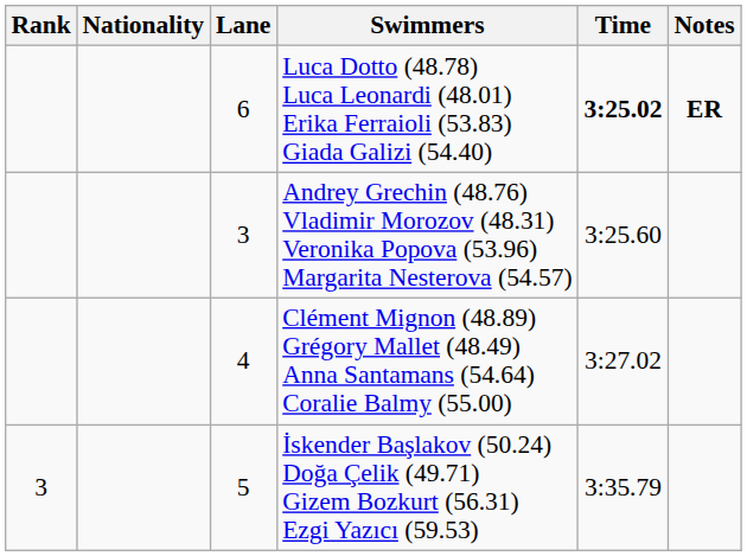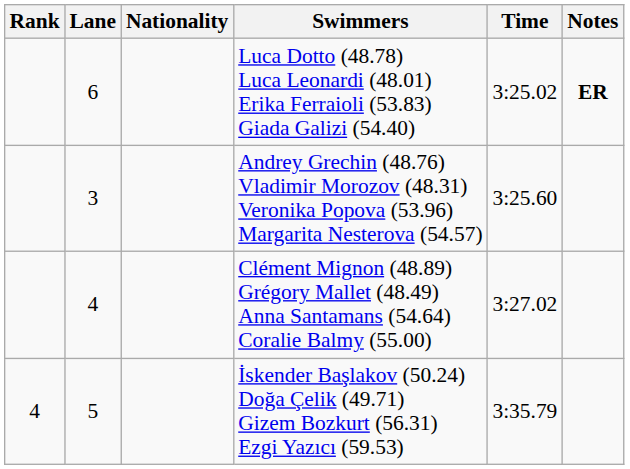 <table class="wikitable sortable" style="text-align:center">
 <tr>
 <th>Rank</th>
+<th>Lane</th>
 <th>Nationality</th>
-<th>Lane</th>
 <th>Swimmers</th>
 <th>Time</th>
 <th>Notes</th>
 </tr>
 <tr>
 <td></td>
+<td>6</td>
 <td align=left></td>
-<td>6</td>
 <td align=left><a href='#'>Luca Dotto</a> (48.78)<br><a href='#'>Luca Leonardi</a> (48.01)<br><a href='#'>Erika Ferraioli</a> (53.83)<br><a href='#'>Giada Galizi</a> (54.40)</td>
-<td><strong>3:25.02</strong></td>
+<td>3:25.02</td>
 <td><strong>ER</strong></td>
 </tr>
 <tr>
 <td></td>
+<td>3</td>
 <td align=left></td>
-<td>3</td>
 <td align=left><a href='#'>Andrey Grechin</a> (48.76)<br><a href='#'>Vladimir Morozov</a> (48.31)<br><a href='#'>Veronika Popova</a> (53.96)<br><a href='#'>Margarita Nesterova</a> (54.57)</td>
 <td>3:25.60</td>
 <td></td>
 </tr>
 <tr>
 <td></td>
+<td>4</td>
 <td align=left></td>
-<td>4</td>
 <td align=left><a href='#'>Clément Mignon</a> (48.89)<br><a href='#'>Grégory Mallet</a> (48.49)<br><a href='#'>Anna Santamans</a> (54.64)<br><a href='#'>Coralie Balmy</a> (55.00)</td>
 <td>3:27.02</td>
 <td></td>
 </tr>
 <tr>
-<td>3</td>
+<td>4</td>
+<td>5</td>
 <td align=left></td>
-<td>5</td>
 <td align=left><a href='#'>İskender Başlakov</a> (50.24)<br><a href='#'>Doğa Çelik</a> (49.71)<br><a href='#'>Gizem Bozkurt</a> (56.31)<br><a href='#'>Ezgi Yazıcı</a> (59.53)</td>
 <td>3:35.79</td>
 <td></td>
 </tr>
 </table>
